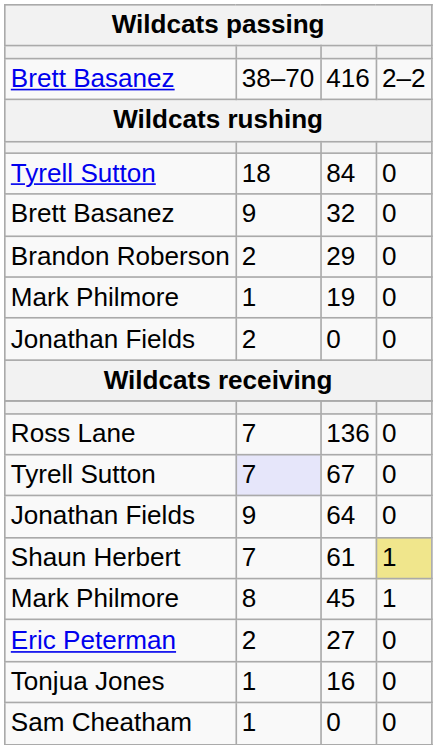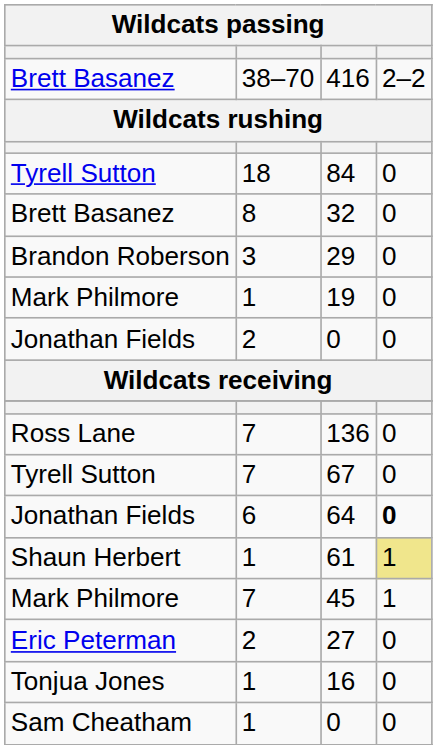 <table class="wikitable plainrowheaders">
 <tr>
 <th colspan="6">Wildcats passing</th>
 </tr>
 <tr>
 <th scope="col"></th>
 <th scope="col"></th>
 <th scope="col"></th>
 <th scope="col"></th>
 </tr>
 <tr>
 <td><a href='#'>Brett Basanez</a></td>
 <td>38–70</td>
 <td>416</td>
 <td>2–2</td>
 </tr>
 <tr>
 <th colspan="6">Wildcats rushing</th>
 </tr>
 <tr>
 <th scope="col"></th>
 <th scope="col"></th>
 <th scope="col"></th>
 <th scope="col"></th>
 </tr>
 <tr>
 <td><a href='#'>Tyrell Sutton</a></td>
 <td>18</td>
 <td>84</td>
 <td>0</td>
 </tr>
 <tr>
 <td>Brett Basanez</td>
-<td>9</td>
+<td>8</td>
 <td>32</td>
 <td>0</td>
 </tr>
 <tr>
 <td>Brandon Roberson</td>
-<td>2</td>
+<td>3</td>
 <td>29</td>
 <td>0</td>
 </tr>
 <tr>
 <td>Mark Philmore</td>
 <td>1</td>
 <td>19</td>
 <td>0</td>
 </tr>
 <tr>
 <td>Jonathan Fields</td>
 <td>2</td>
 <td>0</td>
 <td>0</td>
 </tr>
 <tr>
 <th colspan="6">Wildcats receiving</th>
 </tr>
 <tr>
 </tr>
 <tr>
 <th scope="col"></th>
 <th scope="col"></th>
 <th scope="col"></th>
 <th scope="col"></th>
 </tr>
 <tr>
 <td>Ross Lane</td>
 <td>7</td>
 <td>136</td>
 <td>0</td>
 </tr>
 <tr>
 <td>Tyrell Sutton</td>
-<td style="background: lavender;">7</td>
+<td>7</td>
 <td>67</td>
 <td>0</td>
 </tr>
 <tr>
 <td>Jonathan Fields</td>
-<td>9</td>
+<td>6</td>
 <td>64</td>
-<td>0</td>
+<td><strong>0</strong></td>
 </tr>
 <tr>
 <td>Shaun Herbert</td>
-<td>7</td>
+<td>1</td>
 <td>61</td>
 <td style="background: khaki;">1</td>
 </tr>
 <tr>
 <td>Mark Philmore</td>
-<td>8</td>
+<td>7</td>
 <td>45</td>
 <td>1</td>
 </tr>
 <tr>
 <td><a href='#'>Eric Peterman</a></td>
 <td>2</td>
 <td>27</td>
 <td>0</td>
 </tr>
 <tr>
 <td>Tonjua Jones</td>
 <td>1</td>
 <td>16</td>
 <td>0</td>
 </tr>
 <tr>
 <td>Sam Cheatham</td>
 <td>1</td>
 <td>0</td>
 <td>0</td>
 </tr>
 <tr>
 </tr>
 </table>
